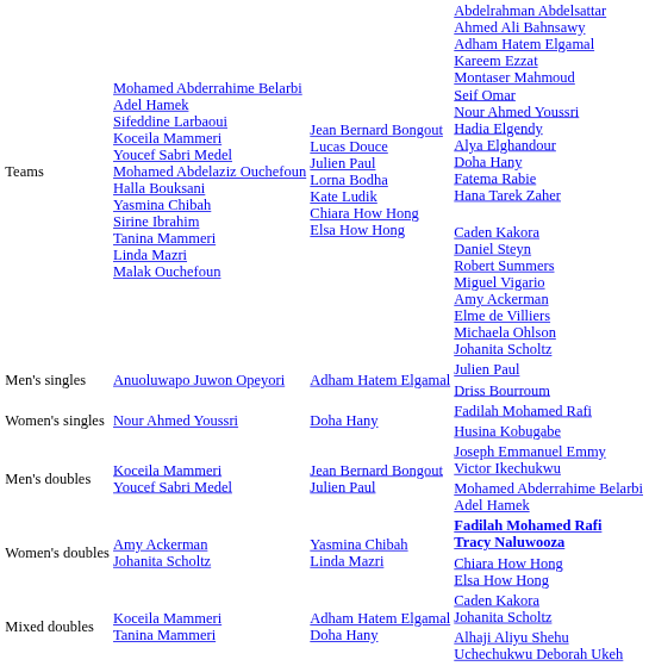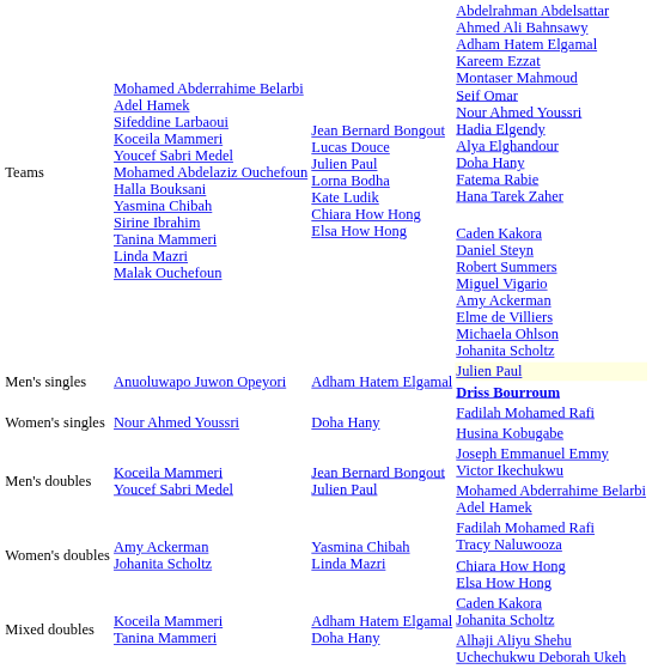 <table>
 <tr>
 <td rowspan=2>Teams</td>
 <td rowspan=2><br><a href='#'>Mohamed Abderrahime Belarbi</a><br><a href='#'>Adel Hamek</a><br><a href='#'>Sifeddine Larbaoui</a><br><a href='#'>Koceila Mammeri</a><br><a href='#'>Youcef Sabri Medel</a><br><a href='#'>Mohamed Abdelaziz Ouchefoun</a><br><a href='#'>Halla Bouksani</a><br><a href='#'>Yasmina Chibah</a><br><a href='#'>Sirine Ibrahim</a><br><a href='#'>Tanina Mammeri</a><br><a href='#'>Linda Mazri</a><br><a href='#'>Malak Ouchefoun</a></td>
 <td rowspan=2><br><a href='#'>Jean Bernard Bongout</a><br><a href='#'>Lucas Douce</a><br><a href='#'>Julien Paul</a><br><a href='#'>Lorna Bodha</a><br><a href='#'>Kate Ludik</a><br><a href='#'>Chiara How Hong</a><br><a href='#'>Elsa How Hong</a></td>
 <td><br><a href='#'>Abdelrahman Abdelsattar</a><br><a href='#'>Ahmed Ali Bahnsawy</a><br><a href='#'>Adham Hatem Elgamal</a><br><a href='#'>Kareem Ezzat</a><br><a href='#'>Montaser Mahmoud</a><br><a href='#'>Seif Omar</a><br><a href='#'>Nour Ahmed Youssri</a><br><a href='#'>Hadia Elgendy</a><br><a href='#'>Alya Elghandour</a><br><a href='#'>Doha Hany</a><br><a href='#'>Fatema Rabie</a><br><a href='#'>Hana Tarek Zaher</a></td>
 </tr>
 <tr>
 <td><br><a href='#'>Caden Kakora</a><br><a href='#'>Daniel Steyn</a><br><a href='#'>Robert Summers</a><br><a href='#'>Miguel Vigario</a><br><a href='#'>Amy Ackerman</a><br><a href='#'>Elme de Villiers</a><br><a href='#'>Michaela Ohlson</a><br><a href='#'>Johanita Scholtz</a></td>
 </tr>
 <tr>
 <td rowspan=2>Men's singles</td>
 <td rowspan=2> <a href='#'>Anuoluwapo Juwon Opeyori</a></td>
 <td rowspan=2> <a href='#'>Adham Hatem Elgamal</a></td>
-<td> <a href='#'>Julien Paul</a></td>
+<td style="background: lightyellow;"> <a href='#'>Julien Paul</a></td>
 </tr>
 <tr>
-<td> <a href='#'>Driss Bourroum</a></td>
+<td><strong> <a href='#'>Driss Bourroum</a></strong></td>
 </tr>
 <tr>
 <td rowspan=2>Women's singles</td>
 <td rowspan=2> <a href='#'>Nour Ahmed Youssri</a></td>
 <td rowspan=2> <a href='#'>Doha Hany</a></td>
 <td> <a href='#'>Fadilah Mohamed Rafi</a></td>
 </tr>
 <tr>
 <td> <a href='#'>Husina Kobugabe</a></td>
 </tr>
 <tr>
 <td rowspan=2>Men's doubles</td>
 <td rowspan=2> <a href='#'>Koceila Mammeri</a> <br> <a href='#'>Youcef Sabri Medel</a></td>
 <td rowspan=2> <a href='#'>Jean Bernard Bongout</a><br> <a href='#'>Julien Paul</a></td>
 <td> <a href='#'>Joseph Emmanuel Emmy</a><br> <a href='#'>Victor Ikechukwu</a></td>
 </tr>
 <tr>
 <td> <a href='#'>Mohamed Abderrahime Belarbi</a><br> <a href='#'>Adel Hamek</a></td>
 </tr>
 <tr>
 <td rowspan=2>Women's doubles</td>
 <td rowspan=2> <a href='#'>Amy Ackerman</a><br> <a href='#'>Johanita Scholtz</a></td>
 <td rowspan=2> <a href='#'>Yasmina Chibah</a><br> <a href='#'>Linda Mazri</a></td>
-<td><strong> <a href='#'>Fadilah Mohamed Rafi</a><br> <a href='#'>Tracy Naluwooza</a></strong></td>
+<td> <a href='#'>Fadilah Mohamed Rafi</a><br> <a href='#'>Tracy Naluwooza</a></td>
 </tr>
 <tr>
 <td> <a href='#'>Chiara How Hong</a><br> <a href='#'>Elsa How Hong</a></td>
 </tr>
 <tr>
 <td rowspan=2>Mixed doubles</td>
 <td rowspan=2> <a href='#'>Koceila Mammeri</a><br> <a href='#'>Tanina Mammeri</a></td>
 <td rowspan=2> <a href='#'>Adham Hatem Elgamal</a><br> <a href='#'>Doha Hany</a></td>
 <td> <a href='#'>Caden Kakora</a><br> <a href='#'>Johanita Scholtz</a></td>
 </tr>
 <tr>
 <td> <a href='#'>Alhaji Aliyu Shehu</a><br> <a href='#'>Uchechukwu Deborah Ukeh</a></td>
 </tr>
 </table>
